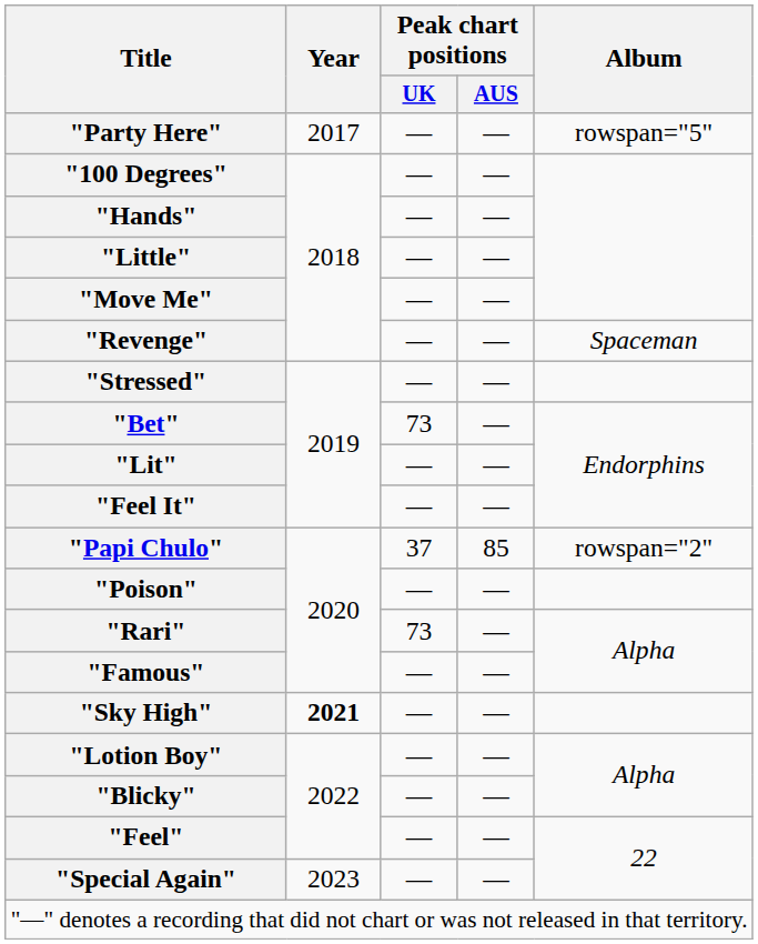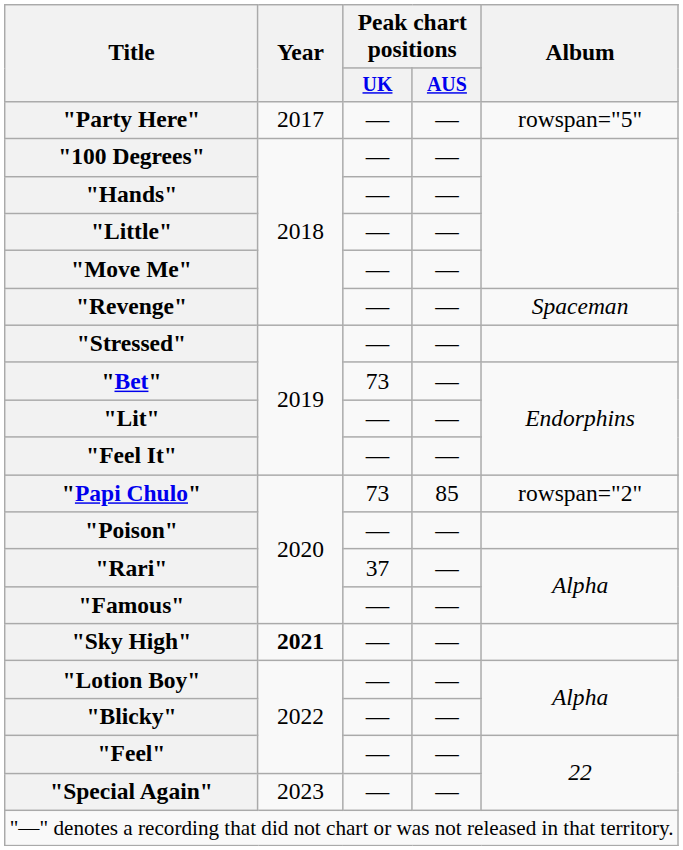 <table class="wikitable plainrowheaders" style="text-align:center;">
 <tr>
 <th scope="col" rowspan="2">Title</th>
 <th scope="col" rowspan="2">Year</th>
 <th scope="col" colspan="2">Peak chart positions</th>
 <th scope="col" rowspan="2">Album</th>
 </tr>
 <tr>
 <th scope="col" style="width:3em;font-size:85%;"><a href='#'>UK</a><br></th>
 <th scope="col" style="width:3em;font-size:85%;"><a href='#'>AUS</a><br></th>
 </tr>
 <tr>
 <th scope="row">"Party Here"</th>
 <td>2017</td>
 <td>—</td>
 <td>—</td>
 <td>rowspan="5" </td>
 </tr>
 <tr>
 <th scope="row">"100 Degrees"<br></th>
 <td rowspan="5">2018</td>
 <td>—</td>
 <td>—</td>
 </tr>
 <tr>
 <th scope="row">"Hands"</th>
 <td>—</td>
 <td>—</td>
 </tr>
 <tr>
 <th scope="row">"Little"</th>
 <td>—</td>
 <td>—</td>
 </tr>
 <tr>
 <th scope="row">"Move Me"<br></th>
 <td>—</td>
 <td>—</td>
 </tr>
 <tr>
 <th scope="row">"Revenge"</th>
 <td>—</td>
 <td>—</td>
 <td><em>Spaceman</em></td>
 </tr>
 <tr>
 <th scope="row">"Stressed"<br></th>
 <td rowspan="4">2019</td>
 <td>—</td>
 <td>—</td>
 <td></td>
 </tr>
 <tr>
 <th scope="row">"<a href='#'>Bet</a>"<br></th>
 <td>73</td>
 <td>—</td>
 <td rowspan="3"><em>Endorphins</em></td>
 </tr>
 <tr>
 <th scope="row">"Lit"<br></th>
 <td>—</td>
 <td>—</td>
 </tr>
 <tr>
 <th scope="row">"Feel It"<br></th>
 <td>—</td>
 <td>—</td>
 </tr>
 <tr>
 <th scope="row">"<a href='#'>Papi Chulo</a>"<br></th>
 <td rowspan="4">2020</td>
-<td>37</td>
+<td>73</td>
 <td>85</td>
 <td>rowspan="2" </td>
 </tr>
 <tr>
 <th scope="row">"Poison"<br></th>
 <td>—</td>
 <td>—</td>
 </tr>
 <tr>
 <th scope="row">"Rari"<br></th>
-<td>73</td>
+<td>37</td>
 <td>—</td>
 <td rowspan="2"><em>Alpha</em></td>
 </tr>
 <tr>
 <th scope="row">"Famous"<br></th>
 <td>—</td>
 <td>—</td>
 </tr>
 <tr>
 <th scope="row">"Sky High"</th>
 <td><strong>2021</strong></td>
 <td>—</td>
 <td>—</td>
 <td></td>
 </tr>
 <tr>
 <th scope="row">"Lotion Boy"<br></th>
 <td rowspan="3">2022</td>
 <td>—</td>
 <td>—</td>
 <td rowspan="2"><em>Alpha</em></td>
 </tr>
 <tr>
 <th scope="row">"Blicky"</th>
 <td>—</td>
 <td>—</td>
 </tr>
 <tr>
 <th scope="row">"Feel"</th>
 <td>—</td>
 <td>—</td>
 <td rowspan="2"><em>22</em></td>
 </tr>
 <tr>
 <th scope="row">"Special Again"</th>
 <td>2023</td>
 <td>—</td>
 <td>—</td>
 </tr>
 <tr>
 <td colspan="14" style="font-size:90%">"—" denotes a recording that did not chart or was not released in that territory.</td>
 </tr>
 </table>
